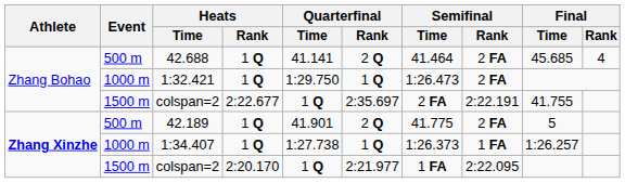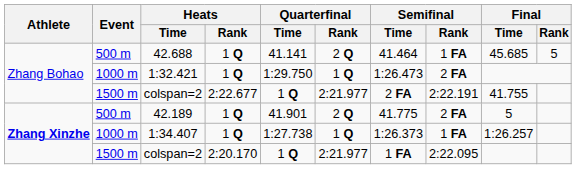 <table class="wikitable" style="font-size:90%">
 <tr>
 <th rowspan=2>Athlete</th>
 <th rowspan=2>Event</th>
 <th colspan=2>Heats</th>
 <th colspan=2>Quarterfinal</th>
 <th colspan=2>Semifinal</th>
 <th colspan=2>Final</th>
 </tr>
 <tr style="font-size:95%">
 <th>Time</th>
 <th>Rank</th>
 <th>Time</th>
 <th>Rank</th>
 <th>Time</th>
 <th>Rank</th>
 <th>Time</th>
 <th>Rank</th>
 </tr>
 <tr align=center>
 <td align=left rowspan=3><a href='#'>Zhang Bohao</a></td>
 <td align=left><a href='#'>500 m</a></td>
 <td>42.688</td>
 <td>1 <strong>Q</strong></td>
 <td>41.141</td>
 <td>2 <strong>Q</strong></td>
 <td>41.464</td>
-<td>2 <strong>FA</strong></td>
+<td>1 <strong>FA</strong></td>
 <td>45.685</td>
-<td>4</td>
+<td>5</td>
 </tr>
 <tr align=center>
 <td align=left><a href='#'>1000 m</a></td>
 <td>1:32.421</td>
 <td>1 <strong>Q</strong></td>
 <td>1:29.750</td>
 <td>1 <strong>Q</strong></td>
 <td>1:26.473</td>
 <td>2 <strong>FA</strong></td>
 <td colspan=2></td>
 </tr>
 <tr align=center>
 <td align=left><a href='#'>1500 m</a></td>
 <td>colspan=2</td>
 <td>2:22.677</td>
 <td>1 <strong>Q</strong></td>
-<td>2:35.697</td>
+<td>2:21.977</td>
 <td>2 <strong>FA</strong></td>
 <td>2:22.191</td>
 <td>41.755</td>
 </tr>
 <tr align=center>
 <td align=left rowspan=3><strong><a href='#'>Zhang Xinzhe</a></strong></td>
 <td align=left><a href='#'>500 m</a></td>
 <td>42.189</td>
 <td>1 <strong>Q</strong></td>
 <td>41.901</td>
 <td>2 <strong>Q</strong></td>
 <td>41.775</td>
 <td>2 <strong>FA</strong></td>
 <td>5</td>
 <td></td>
 </tr>
 <tr align=center>
 <td align=left><a href='#'>1000 m</a></td>
 <td>1:34.407</td>
 <td>1 <strong>Q</strong></td>
 <td>1:27.738</td>
 <td>1 <strong>Q</strong></td>
 <td>1:26.373</td>
 <td>1 <strong>FA</strong></td>
 <td>1:26.257</td>
 <td></td>
 </tr>
 <tr align=center>
 <td align=left><a href='#'>1500 m</a></td>
 <td>colspan=2</td>
 <td>2:20.170</td>
 <td>1 <strong>Q</strong></td>
 <td>2:21.977</td>
 <td>1 <strong>FA</strong></td>
 <td>2:22.095</td>
 <td></td>
 </tr>
 </table>
